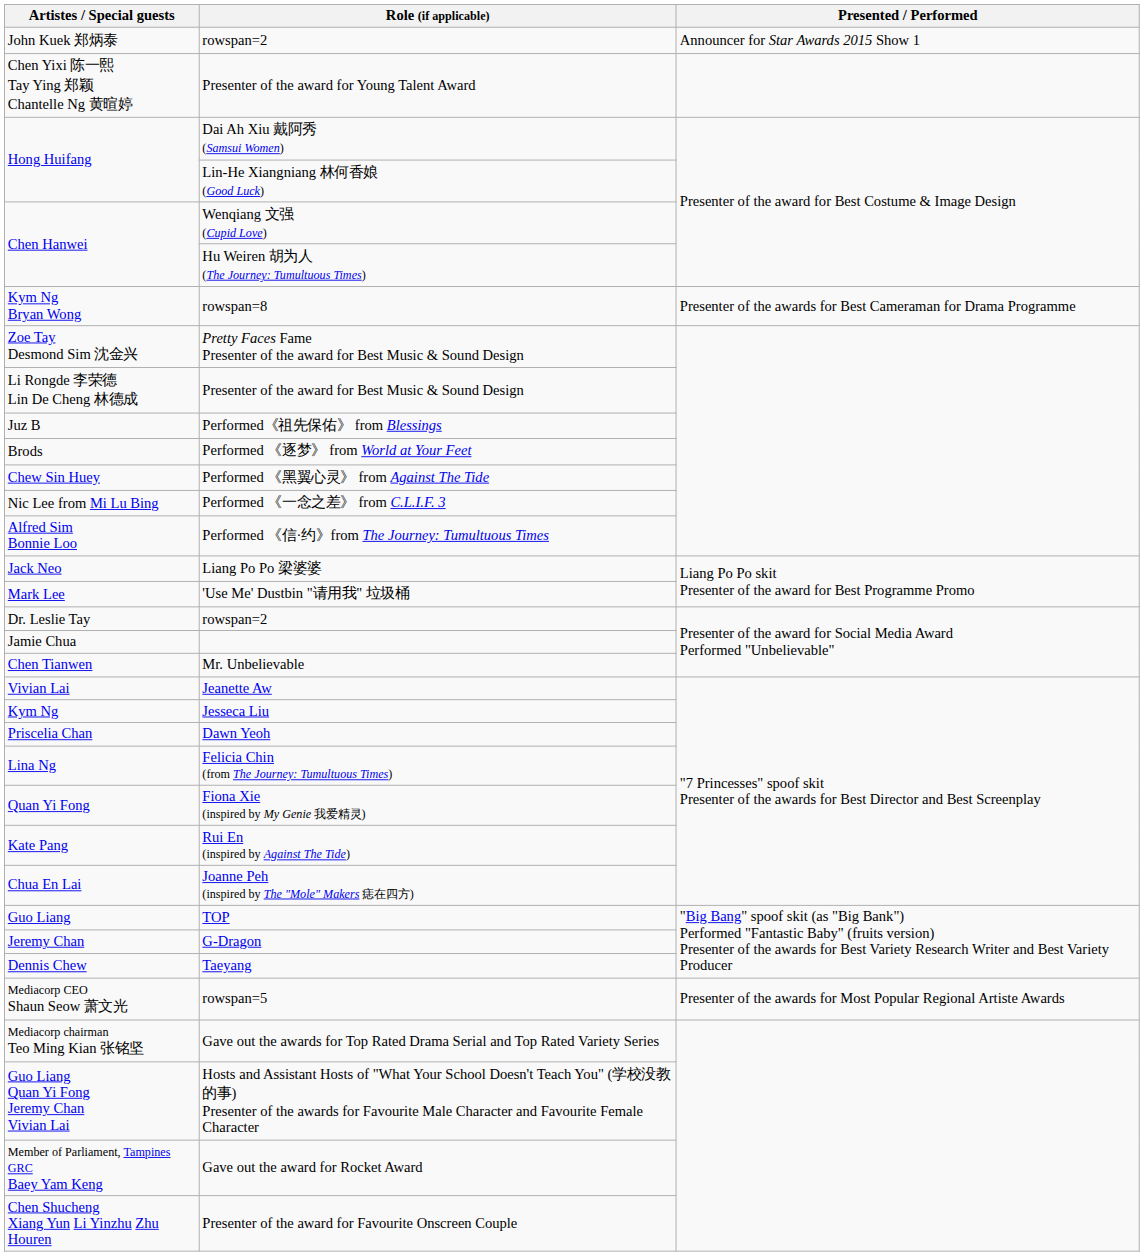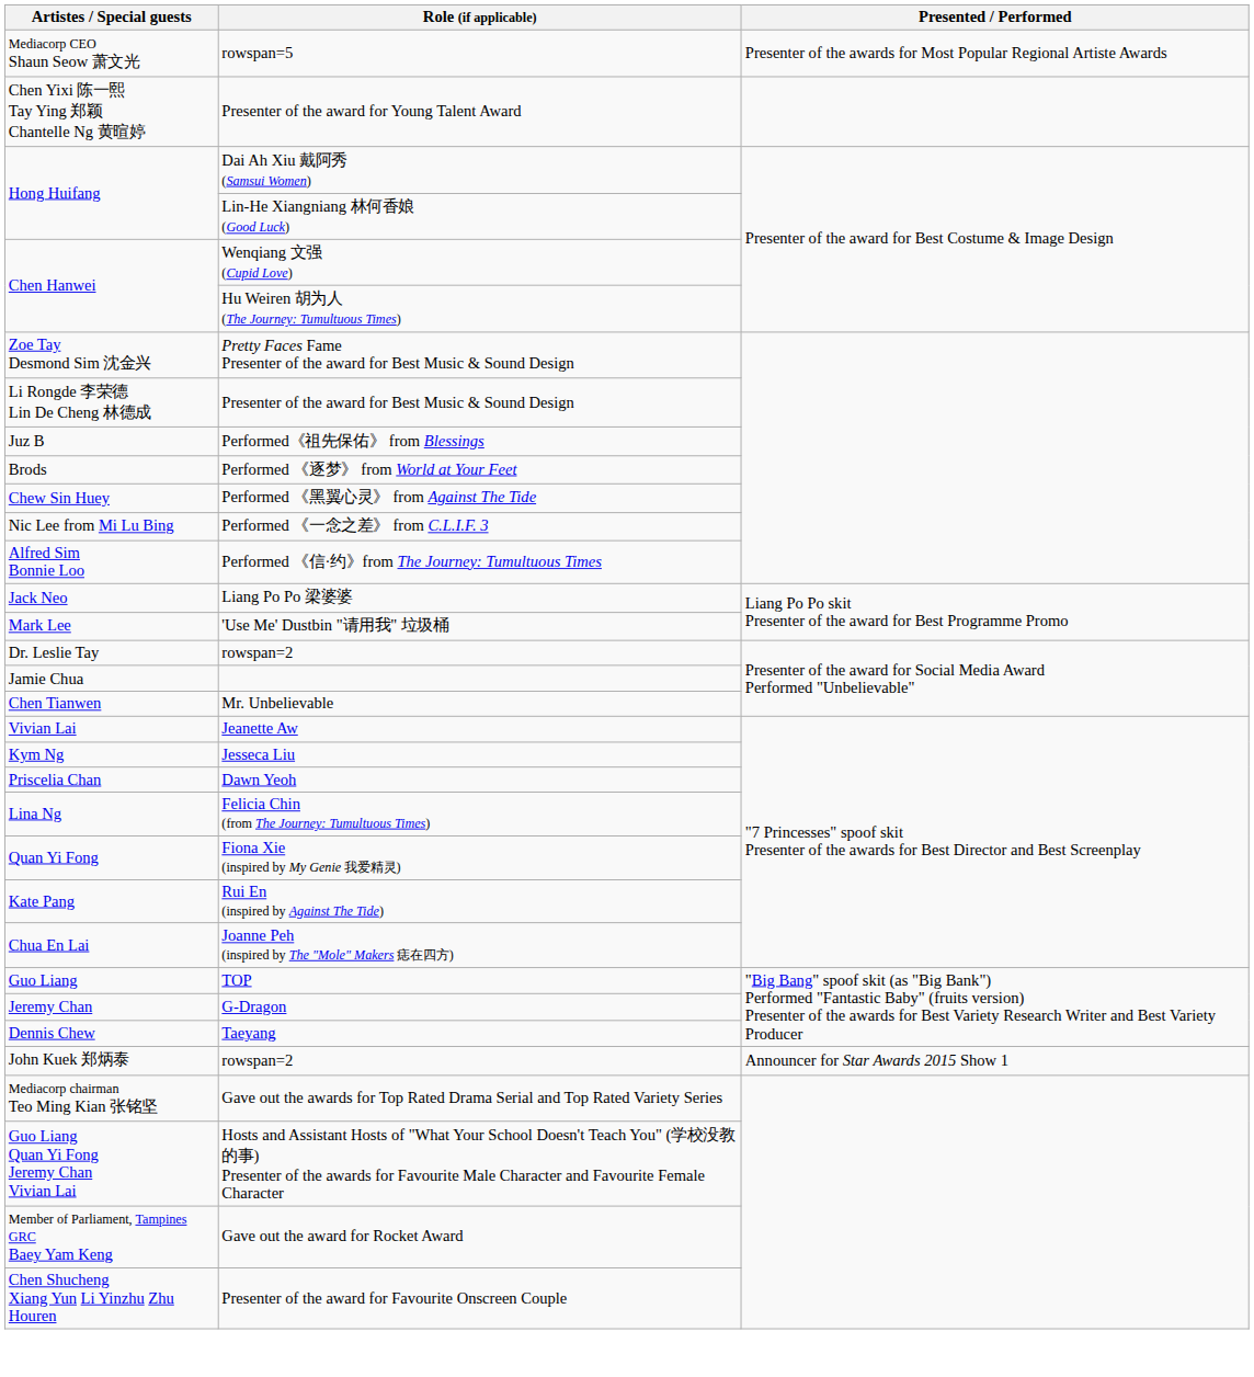 <table class="wikitable">
 <tr>
 <th>Artistes / Special guests</th>
 <th>Role <small>(if applicable)</small></th>
 <th>Presented / Performed</th>
 </tr>
 <tr>
-<td>John Kuek 郑炳泰</td>
-<td>rowspan=2 </td>
-<td>Announcer for <em>Star Awards 2015</em> Show 1</td>
+<td><small> Mediacorp CEO</small> <br> Shaun Seow 萧文光</td>
+<td>rowspan=5 </td>
+<td>Presenter of the awards for Most Popular Regional Artiste Awards</td>
 </tr>
 <tr>
 <td>Chen Yixi 陈一熙 <br> Tay Ying 郑颖 <br> Chantelle Ng 黄暄婷</td>
 <td>Presenter of the award for Young Talent Award</td>
 </tr>
 <tr>
 <td rowspan=2><a href='#'>Hong Huifang</a></td>
 <td>Dai Ah Xiu 戴阿秀 <br> <small>(<em><a href='#'>Samsui Women</a></em>)</small></td>
 <td rowspan=4>Presenter of the award for Best Costume & Image Design</td>
 </tr>
 <tr>
 <td>Lin-He Xiangniang 林何香娘 <br> <small>(<em><a href='#'>Good Luck</a></em>)</small></td>
 </tr>
 <tr>
 <td rowspan=2><a href='#'>Chen Hanwei</a></td>
 <td>Wenqiang 文强 <br> <small>(<em><a href='#'>Cupid Love</a></em>)</small></td>
 </tr>
 <tr>
 <td>Hu Weiren 胡为人 <br> <small>(<em><a href='#'>The Journey: Tumultuous Times</a></em>)</small></td>
-</tr>
-<tr>
-<td><a href='#'>Kym Ng</a><br><a href='#'>Bryan Wong</a></td>
-<td>rowspan=8 </td>
-<td>Presenter of the awards for Best Cameraman for Drama Programme</td>
 </tr>
 <tr>
 <td><a href='#'>Zoe Tay</a><br>Desmond Sim 沈金兴</td>
 <td><em>Pretty Faces</em> Fame <br> Presenter of the award for Best Music & Sound Design</td>
 </tr>
 <tr>
 <td>Li Rongde 李荣德<br>Lin De Cheng 林德成</td>
 <td>Presenter of the award for Best Music & Sound Design</td>
 </tr>
 <tr>
 <td>Juz B</td>
 <td>Performed《祖先保佑》 from <em><a href='#'>Blessings</a></em></td>
 </tr>
 <tr>
 <td>Brods</td>
 <td>Performed 《逐梦》 from <em><a href='#'>World at Your Feet</a></em></td>
 </tr>
 <tr>
 <td><a href='#'>Chew Sin Huey</a></td>
 <td>Performed  《黑翼心灵》 from <em><a href='#'>Against The Tide</a></em></td>
 </tr>
 <tr>
 <td>Nic Lee from <a href='#'>Mi Lu Bing</a></td>
 <td>Performed 《一念之差》 from <em><a href='#'>C.L.I.F. 3</a></em></td>
 </tr>
 <tr>
 <td><a href='#'>Alfred Sim</a><br><a href='#'>Bonnie Loo</a></td>
 <td>Performed 《信·约》from <em><a href='#'>The Journey: Tumultuous Times</a></em></td>
 </tr>
 <tr>
 <td><a href='#'>Jack Neo</a></td>
 <td>Liang Po Po 梁婆婆</td>
 <td rowspan=2>Liang Po Po skit <br> Presenter of the award for Best Programme Promo</td>
 </tr>
 <tr>
 <td><a href='#'>Mark Lee</a></td>
 <td>'Use Me' Dustbin "请用我" 垃圾桶</td>
 </tr>
 <tr>
 <td>Dr. Leslie Tay</td>
 <td>rowspan=2 </td>
 <td rowspan=3>Presenter of the award for Social Media Award <br> Performed "Unbelievable"</td>
 </tr>
 <tr>
 <td>Jamie Chua</td>
 </tr>
 <tr>
 <td><a href='#'>Chen Tianwen</a></td>
 <td>Mr. Unbelievable</td>
 </tr>
 <tr>
 <td><a href='#'>Vivian Lai</a></td>
 <td><a href='#'>Jeanette Aw</a></td>
 <td rowspan=7>"7 Princesses" spoof skit <br> Presenter of the awards for Best Director and Best Screenplay</td>
 </tr>
 <tr>
 <td><a href='#'>Kym Ng</a></td>
 <td><a href='#'>Jesseca Liu</a></td>
 </tr>
 <tr>
 <td><a href='#'>Priscelia Chan</a></td>
 <td><a href='#'>Dawn Yeoh</a></td>
 </tr>
 <tr>
 <td><a href='#'>Lina Ng</a></td>
 <td><a href='#'>Felicia Chin</a><br> <small>(from <em><a href='#'>The Journey: Tumultuous Times</a></em>)</small></td>
 </tr>
 <tr>
 <td><a href='#'>Quan Yi Fong</a></td>
 <td><a href='#'>Fiona Xie</a><br> <small>(inspired by <em>My Genie</em> 我爱精灵)</small></td>
 </tr>
 <tr>
 <td><a href='#'>Kate Pang</a></td>
 <td><a href='#'>Rui En</a><br> <small>(inspired by <em><a href='#'>Against The Tide</a></em>)</small></td>
 </tr>
 <tr>
 <td><a href='#'>Chua En Lai</a></td>
 <td><a href='#'>Joanne Peh</a><br> <small>(inspired by <em><a href='#'>The "Mole" Makers</a></em> 痣在四方)</small></td>
 </tr>
 <tr>
 <td><a href='#'>Guo Liang</a></td>
 <td><a href='#'>TOP</a></td>
 <td rowspan=3>"<a href='#'>Big Bang</a>" spoof skit (as "Big Bank") <br> Performed "Fantastic Baby" (fruits version) <br> Presenter of the awards for Best Variety Research Writer and Best Variety Producer</td>
 </tr>
 <tr>
 <td><a href='#'>Jeremy Chan</a></td>
 <td><a href='#'>G-Dragon</a></td>
 </tr>
 <tr>
 <td><a href='#'>Dennis Chew</a></td>
 <td><a href='#'>Taeyang</a></td>
 </tr>
 <tr>
-<td><small> Mediacorp CEO</small> <br> Shaun Seow 萧文光</td>
-<td>rowspan=5 </td>
-<td>Presenter of the awards for Most Popular Regional Artiste Awards</td>
+<td>John Kuek 郑炳泰</td>
+<td>rowspan=2 </td>
+<td>Announcer for <em>Star Awards 2015</em> Show 1</td>
 </tr>
 <tr>
 <td><small> Mediacorp chairman</small> <br> Teo Ming Kian 张铭坚</td>
 <td>Gave out the awards for Top Rated Drama Serial and Top Rated Variety Series</td>
 </tr>
 <tr>
 <td><a href='#'>Guo Liang</a><br><a href='#'>Quan Yi Fong</a><br><a href='#'>Jeremy Chan</a><br><a href='#'>Vivian Lai</a></td>
 <td>Hosts and Assistant Hosts of "What Your School Doesn't Teach You" (学校没教的事) <br> Presenter of the awards for Favourite Male Character and Favourite Female Character</td>
 </tr>
 <tr>
 <td><small>Member of Parliament, <a href='#'>Tampines GRC</a></small> <br> <a href='#'>Baey Yam Keng</a></td>
 <td>Gave out the award for Rocket Award</td>
 </tr>
 <tr>
 <td><a href='#'>Chen Shucheng</a><br><a href='#'>Xiang Yun</a> <a href='#'>Li Yinzhu</a> <a href='#'>Zhu Houren</a></td>
 <td>Presenter of the award for Favourite Onscreen Couple</td>
 </tr>
 </table>
